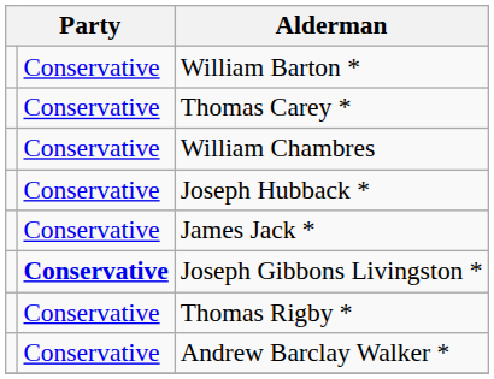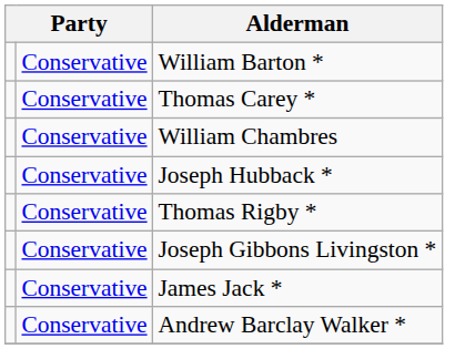 <table class="wikitable">
 <tr>
 <th colspan="2">Party</th>
 <th>Alderman</th>
 </tr>
 <tr>
 <td style="background-color:"></td>
 <td><a href='#'>Conservative</a></td>
 <td>William Barton *</td>
 </tr>
 <tr>
 <td style="background-color:"></td>
 <td><a href='#'>Conservative</a></td>
 <td>Thomas Carey *</td>
 </tr>
 <tr>
 <td style="background-color:"></td>
 <td><a href='#'>Conservative</a></td>
 <td>William Chambres</td>
 </tr>
 <tr>
 <td style="background-color:"></td>
 <td><a href='#'>Conservative</a></td>
 <td>Joseph Hubback *</td>
 </tr>
 <tr>
 <td style="background-color:"></td>
 <td><a href='#'>Conservative</a></td>
-<td>James Jack *</td>
+<td>Thomas Rigby *</td>
 </tr>
 <tr>
 <td style="background-color:"></td>
-<td><strong><a href='#'>Conservative</a></strong></td>
+<td><a href='#'>Conservative</a></td>
 <td>Joseph Gibbons Livingston *</td>
 </tr>
 <tr>
 <td style="background-color:"></td>
 <td><a href='#'>Conservative</a></td>
-<td>Thomas Rigby *</td>
+<td>James Jack *</td>
 </tr>
 <tr>
 <td style="background-color:"></td>
 <td><a href='#'>Conservative</a></td>
 <td>Andrew Barclay Walker *</td>
 </tr>
 <tr>
 </tr>
 </table>
